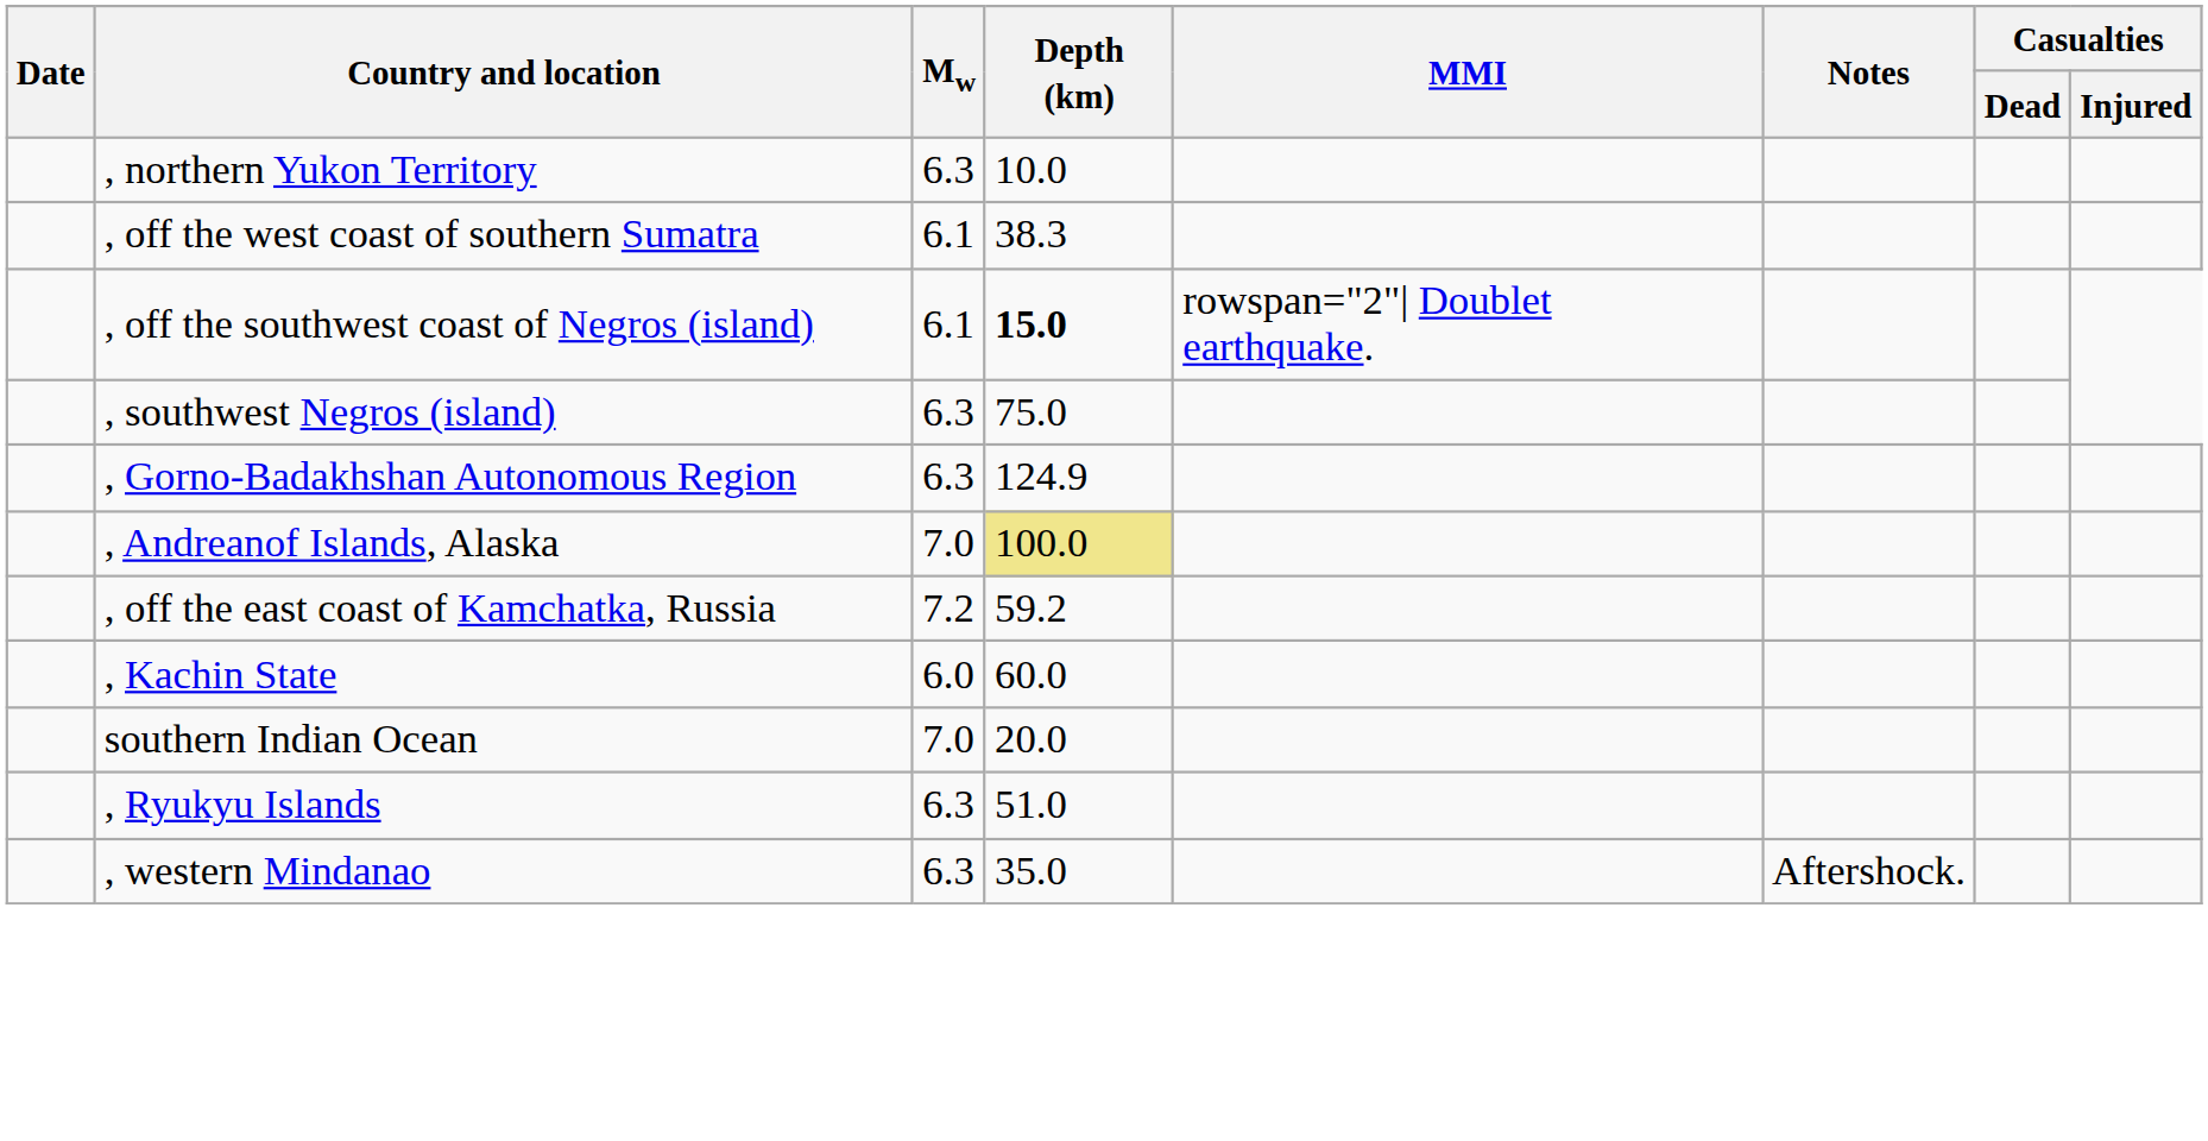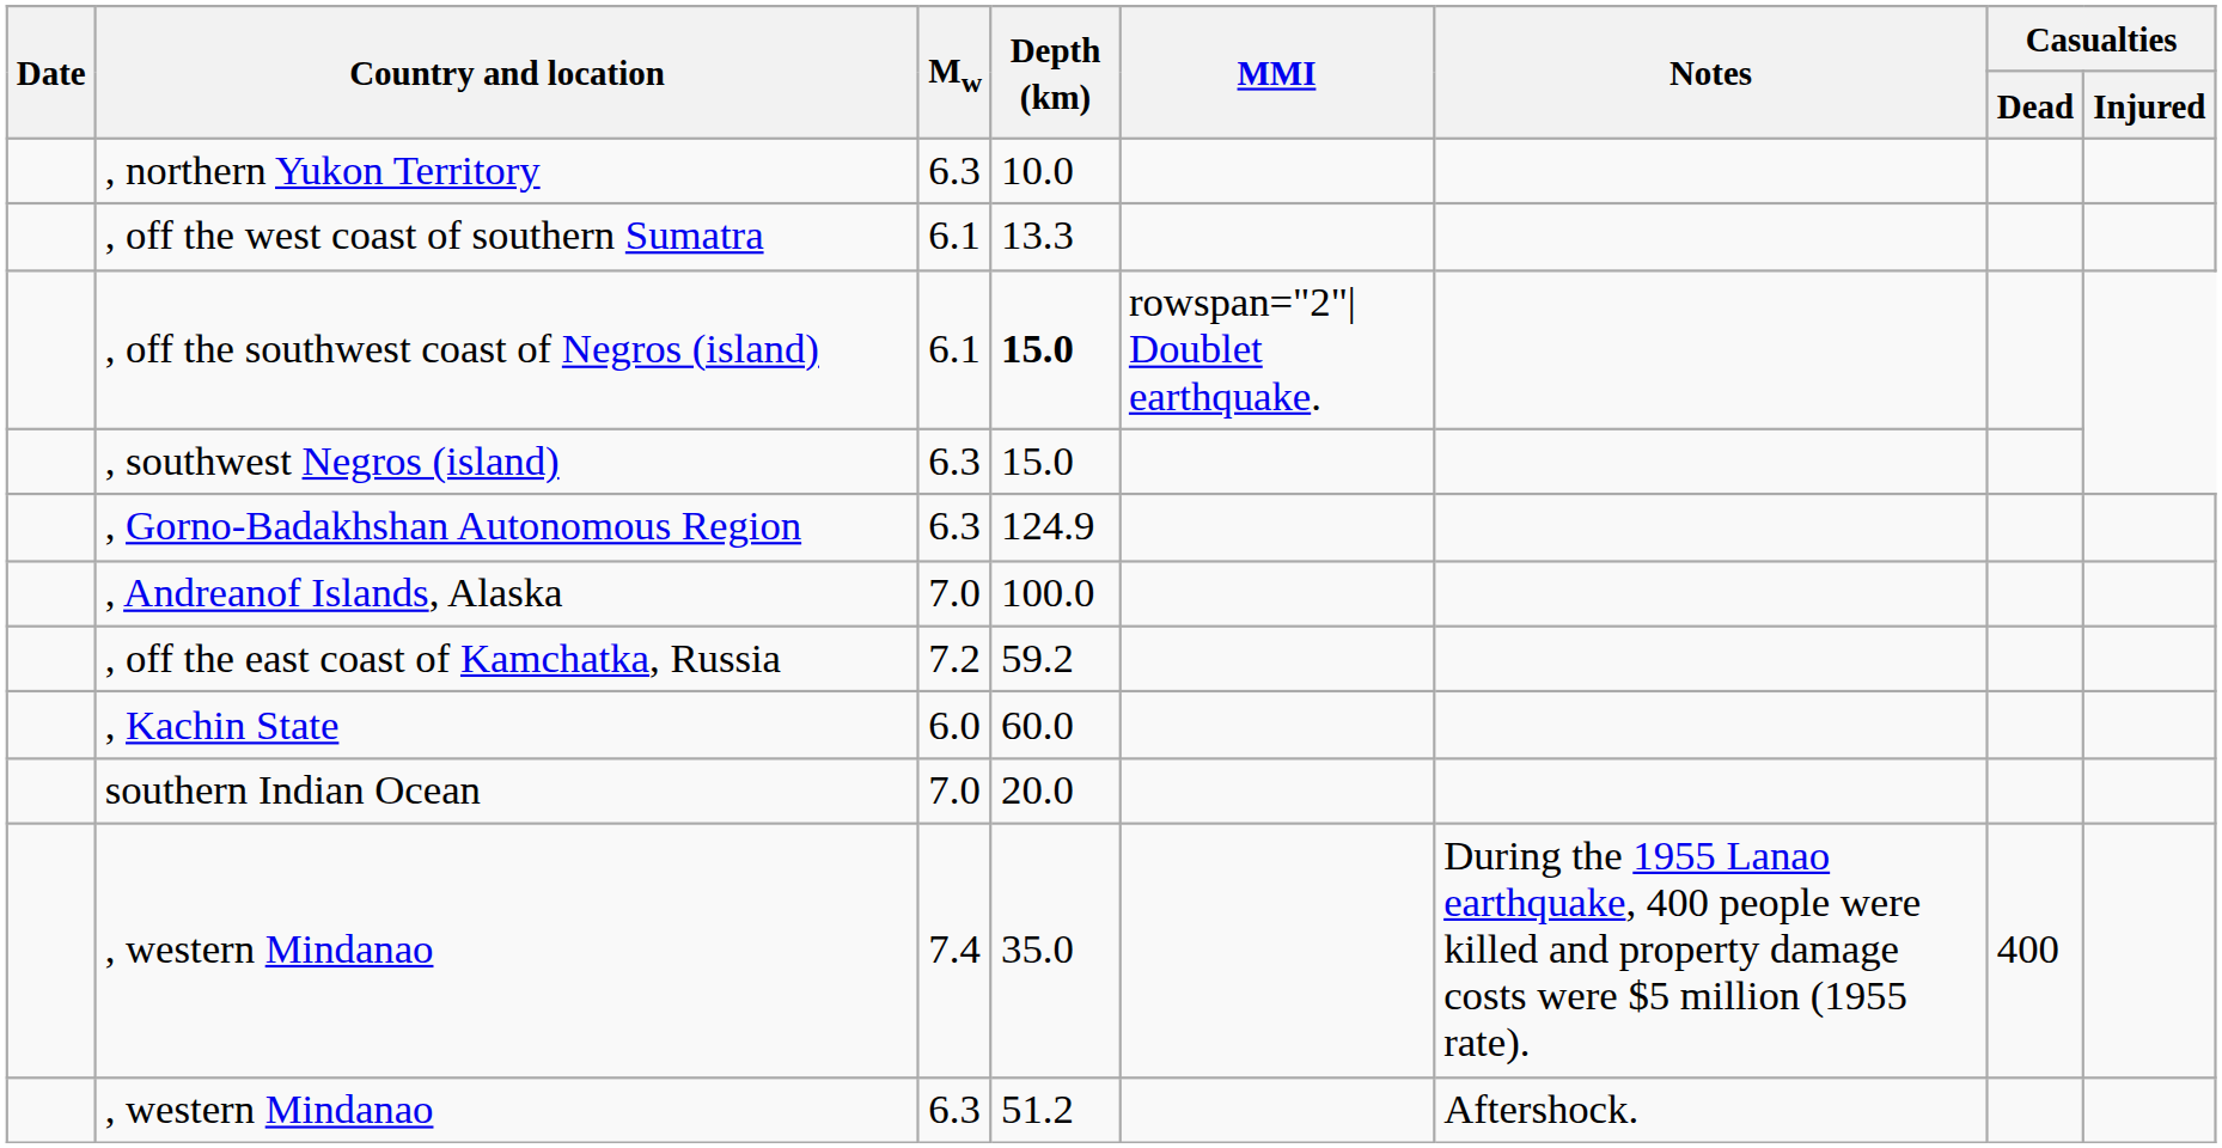 <table class="wikitable sortable sort-under" style="border:1px black; margin-left:1em;">
 <tr>
 <th rowspan="2"><small>Date</small></th>
 <th rowspan="2" style="width: 310px"><small>Country and location</small></th>
 <th rowspan="2"><small>M<sub>w</sub></small></th>
 <th rowspan="2"><small>Depth (km)</small></th>
 <th rowspan="2"><small><a href='#'>MMI</a></small></th>
 <th rowspan="2" class="unsortable"><small>Notes</small></th>
 <th colspan="2"><small>Casualties</small></th>
 </tr>
 <tr>
 <th><small>Dead</small></th>
 <th><small>Injured</small></th>
 </tr>
 <tr>
 <td></td>
 <td>, northern <a href='#'>Yukon Territory</a></td>
 <td>6.3</td>
 <td>10.0</td>
 <td></td>
 <td></td>
 <td></td>
 <td></td>
 </tr>
 <tr>
 <td></td>
 <td>, off the west coast of southern <a href='#'>Sumatra</a></td>
 <td>6.1</td>
-<td>38.3</td>
+<td>13.3</td>
 <td></td>
 <td></td>
 <td></td>
 <td></td>
 </tr>
 <tr>
 <td></td>
 <td>, off the southwest coast of <a href='#'>Negros (island)</a></td>
 <td>6.1</td>
 <td><strong>15.0</strong></td>
 <td>rowspan="2"| <a href='#'>Doublet earthquake</a>.</td>
 <td></td>
 <td></td>
 </tr>
 <tr>
 <td></td>
 <td>, southwest <a href='#'>Negros (island)</a></td>
 <td>6.3</td>
-<td>75.0</td>
+<td>15.0</td>
 <td></td>
 <td></td>
 <td></td>
 </tr>
 <tr>
 <td></td>
 <td>, <a href='#'>Gorno-Badakhshan Autonomous Region</a></td>
 <td>6.3</td>
 <td>124.9</td>
 <td></td>
 <td></td>
 <td></td>
 <td></td>
 </tr>
 <tr>
 <td></td>
 <td>, <a href='#'>Andreanof Islands</a>, Alaska</td>
 <td>7.0</td>
-<td style="background: khaki;">100.0</td>
+<td>100.0</td>
 <td></td>
 <td></td>
 <td></td>
 <td></td>
 </tr>
 <tr>
 <td></td>
 <td>, off the east coast of <a href='#'>Kamchatka</a>, Russia</td>
 <td>7.2</td>
 <td>59.2</td>
 <td></td>
 <td></td>
 <td></td>
 <td></td>
 </tr>
 <tr>
 <td></td>
 <td>, <a href='#'>Kachin State</a></td>
 <td>6.0</td>
 <td>60.0</td>
 <td></td>
 <td></td>
 <td></td>
 <td></td>
 </tr>
 <tr>
 <td></td>
 <td>southern Indian Ocean</td>
 <td>7.0</td>
 <td>20.0</td>
 <td></td>
 <td></td>
 <td></td>
 <td></td>
 </tr>
 <tr>
 <td></td>
-<td>, <a href='#'>Ryukyu Islands</a></td>
-<td>6.3</td>
-<td>51.0</td>
+<td>, western <a href='#'>Mindanao</a></td>
+<td>7.4</td>
+<td>35.0</td>
 <td></td>
-<td></td>
-<td></td>
+<td>During the <a href='#'>1955 Lanao earthquake</a>, 400 people were killed and property damage costs were $5 million (1955 rate).</td>
+<td>400</td>
 <td></td>
 </tr>
 <tr>
 <td></td>
 <td>, western <a href='#'>Mindanao</a></td>
 <td>6.3</td>
-<td>35.0</td>
+<td>51.2</td>
 <td></td>
 <td>Aftershock.</td>
 <td></td>
 <td></td>
 </tr>
 </table>
